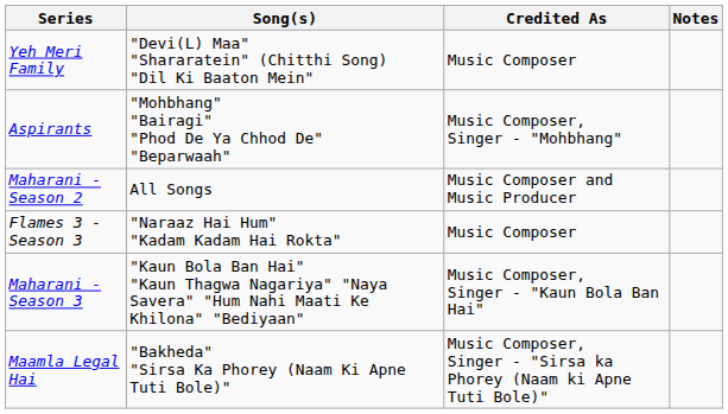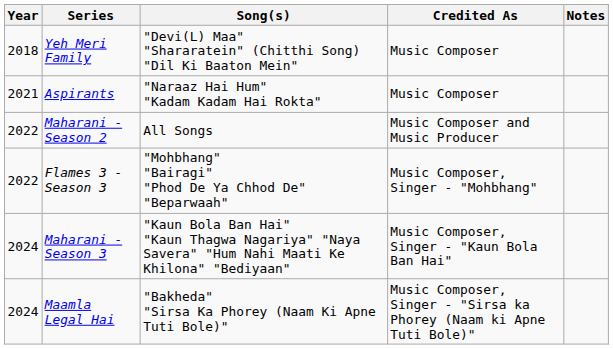 <table class="wikitable">
 <tr>
+<th>Year</th>
 <th>Series</th>
 <th>Song(s)</th>
 <th>Credited As</th>
 <th>Notes</th>
 </tr>
 <tr>
+<td>2018</td>
 <td><em><a href='#'>Yeh Meri Family</a></em></td>
 <td>"Devi(L) Maa"<br>"Shararatein" (Chitthi Song)<br>"Dil Ki Baaton Mein"</td>
 <td>Music Composer</td>
 <td></td>
 </tr>
 <tr>
+<td>2021</td>
 <td><em><a href='#'>Aspirants</a></em></td>
-<td>"Mohbhang"<br>"Bairagi"<br>"Phod De Ya Chhod De"<br>"Beparwaah"</td>
-<td>Music Composer,<br>Singer - "Mohbhang"</td>
+<td>"Naraaz Hai Hum"<br>"Kadam Kadam Hai Rokta"</td>
+<td>Music Composer</td>
 <td></td>
 </tr>
 <tr>
+<td>2022</td>
 <td><a href='#'><em>Maharani - Season 2</em></a></td>
 <td>All Songs</td>
 <td>Music Composer and Music Producer</td>
 <td></td>
 </tr>
 <tr>
+<td>2022</td>
 <td><em>Flames 3 - Season 3</em></td>
-<td>"Naraaz Hai Hum"<br>"Kadam Kadam Hai Rokta"</td>
-<td>Music Composer</td>
+<td>"Mohbhang"<br>"Bairagi"<br>"Phod De Ya Chhod De"<br>"Beparwaah"</td>
+<td>Music Composer,<br>Singer - "Mohbhang"</td>
 <td></td>
 </tr>
 <tr>
+<td>2024</td>
 <td><a href='#'><em>Maharani - Season 3</em></a></td>
 <td>"Kaun Bola Ban Hai"<br>"Kaun Thagwa Nagariya" "Naya Savera" "Hum Nahi Maati Ke Khilona" "Bediyaan"</td>
 <td>Music Composer,<br>Singer - "Kaun Bola Ban Hai"</td>
 <td></td>
 </tr>
 <tr>
+<td>2024</td>
 <td><em><a href='#'>Maamla Legal Hai</a></em></td>
 <td>"Bakheda"<br>"Sirsa Ka Phorey (Naam Ki Apne Tuti Bole)"</td>
 <td>Music Composer,<br>Singer - "Sirsa ka Phorey (Naam ki Apne Tuti Bole)"</td>
 <td></td>
 </tr>
 </table>
